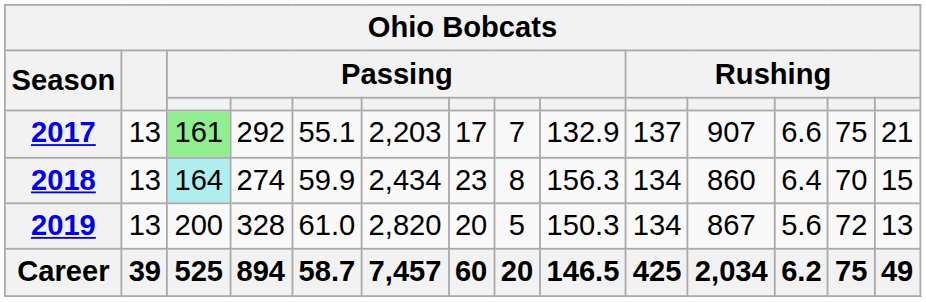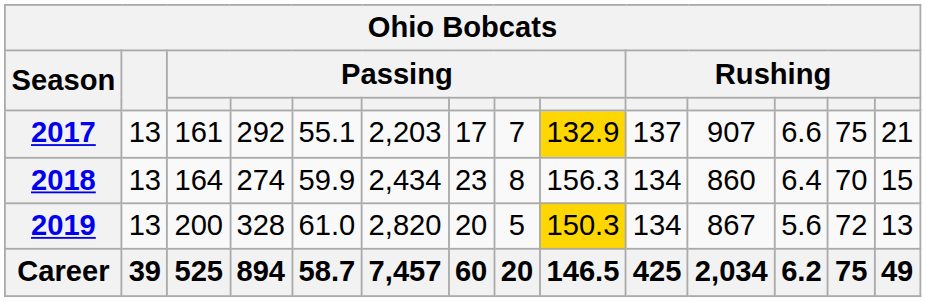 <table class="wikitable" style="text-align:center;">
 <tr>
 <th colspan="16">Ohio Bobcats</th>
 </tr>
 <tr>
 <th rowspan="2">Season</th>
 <th rowspan="2"></th>
 <th colspan="7">Passing</th>
 <th colspan="5">Rushing</th>
 </tr>
 <tr>
 <th></th>
 <th></th>
 <th></th>
 <th></th>
 <th></th>
 <th></th>
 <th></th>
 <th></th>
 <th></th>
 <th></th>
 <th></th>
 <th></th>
 </tr>
 <tr>
 <th><a href='#'>2017</a></th>
 <td>13</td>
-<td style="background: lightgreen;">161</td>
+<td>161</td>
 <td>292</td>
 <td>55.1</td>
 <td>2,203</td>
 <td>17</td>
 <td>7</td>
-<td>132.9</td>
+<td style="background: gold;">132.9</td>
 <td>137</td>
 <td>907</td>
 <td>6.6</td>
 <td>75</td>
 <td>21</td>
 </tr>
 <tr>
 <th><a href='#'>2018</a></th>
 <td>13</td>
-<td style="background: paleturquoise;">164</td>
+<td>164</td>
 <td>274</td>
 <td>59.9</td>
 <td>2,434</td>
 <td>23</td>
 <td>8</td>
 <td>156.3</td>
 <td>134</td>
 <td>860</td>
 <td>6.4</td>
 <td>70</td>
 <td>15</td>
 </tr>
 <tr>
 <th><a href='#'>2019</a></th>
 <td>13</td>
 <td>200</td>
 <td>328</td>
 <td>61.0</td>
 <td>2,820</td>
 <td>20</td>
 <td>5</td>
-<td>150.3</td>
+<td style="background: gold;">150.3</td>
 <td>134</td>
 <td>867</td>
 <td>5.6</td>
 <td>72</td>
 <td>13</td>
 </tr>
 <tr>
 <th>Career</th>
 <th>39</th>
 <th>525</th>
 <th>894</th>
 <th>58.7</th>
 <th>7,457</th>
 <th>60</th>
 <th>20</th>
 <th>146.5</th>
 <th>425</th>
 <th>2,034</th>
 <th>6.2</th>
 <th>75</th>
 <th>49</th>
 </tr>
 </table>
